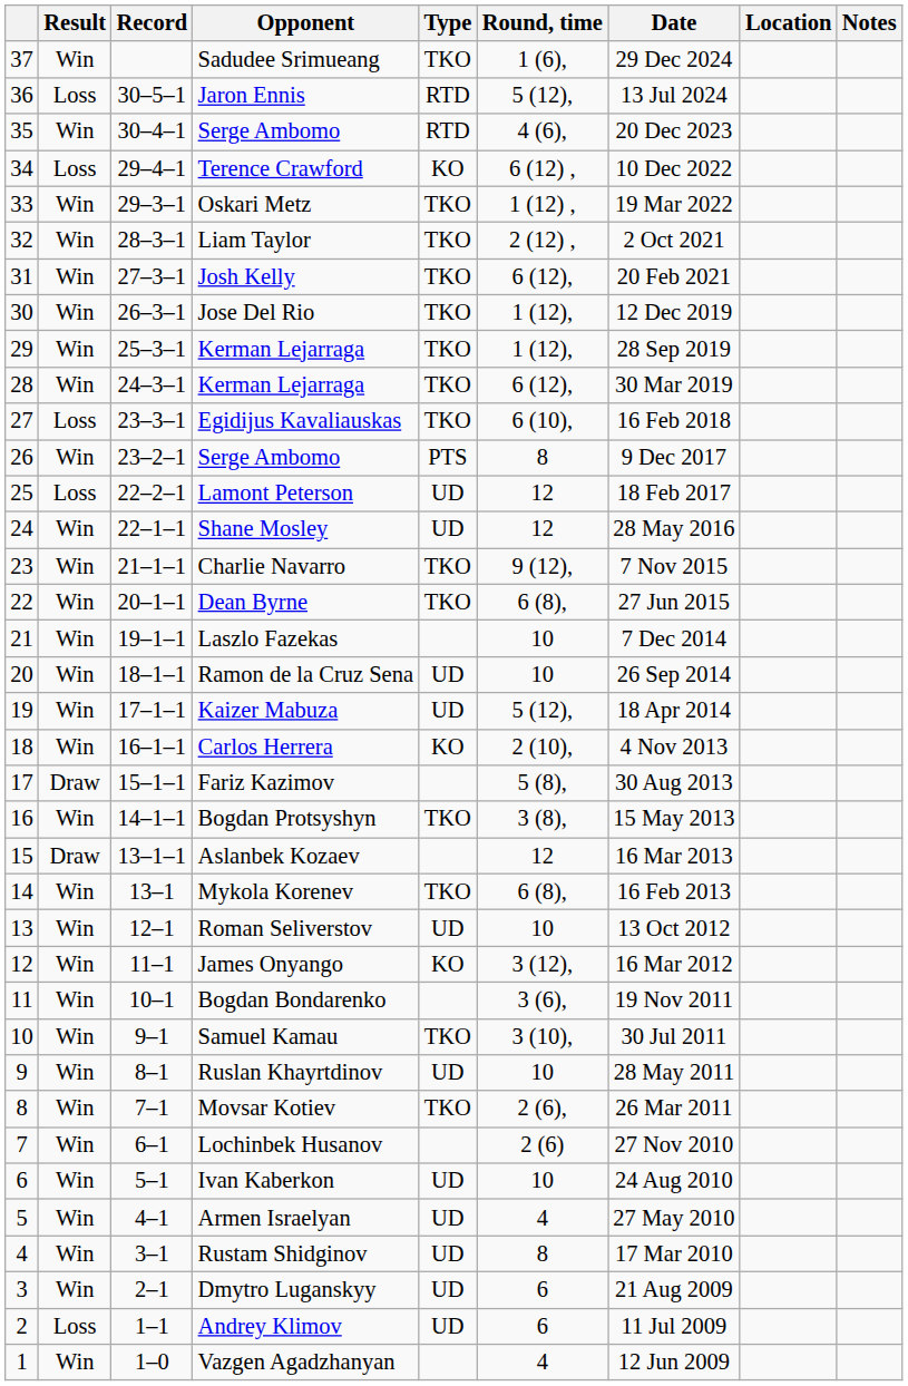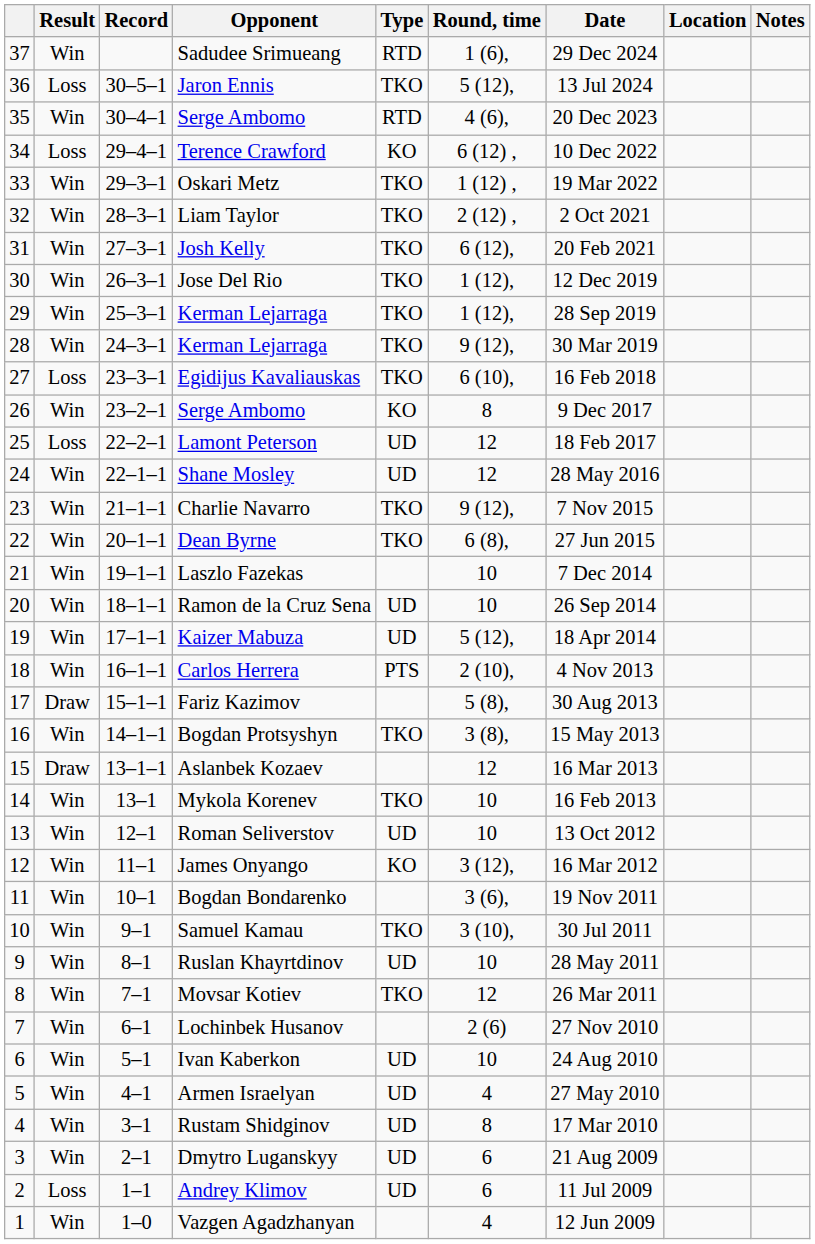 <table class="wikitable" style="text-align:center">
 <tr>
 <th></th>
 <th>Result</th>
 <th>Record</th>
 <th>Opponent</th>
 <th>Type</th>
 <th>Round, time</th>
 <th>Date</th>
 <th>Location</th>
 <th>Notes</th>
 </tr>
 <tr>
 <td>37</td>
 <td>Win</td>
 <td></td>
 <td style="text-align:left;">Sadudee Srimueang</td>
-<td>TKO</td>
+<td>RTD</td>
 <td>1 (6), </td>
 <td>29 Dec 2024</td>
 <td align="left"></td>
 <td></td>
 </tr>
 <tr>
 <td>36</td>
 <td>Loss</td>
 <td>30–5–1</td>
 <td style="text-align:left;"><a href='#'>Jaron Ennis</a></td>
-<td>RTD</td>
+<td>TKO</td>
 <td>5 (12), </td>
 <td>13 Jul 2024</td>
 <td align="left"></td>
 <td align="left"></td>
 </tr>
 <tr>
 <td>35</td>
 <td>Win</td>
 <td>30–4–1</td>
 <td align=left><a href='#'>Serge Ambomo</a></td>
 <td>RTD</td>
 <td>4 (6), </td>
 <td>20 Dec 2023</td>
 <td align=left></td>
 <td></td>
 </tr>
 <tr>
 <td>34</td>
 <td>Loss</td>
 <td>29–4–1</td>
 <td style="text-align:left;"><a href='#'>Terence Crawford</a></td>
 <td>KO</td>
 <td>6 (12) , </td>
 <td>10 Dec 2022</td>
 <td style="text-align:left;"></td>
 <td style="text-align:left;"></td>
 </tr>
 <tr>
 <td>33</td>
 <td>Win</td>
 <td>29–3–1</td>
 <td style="text-align:left;">Oskari Metz</td>
 <td>TKO</td>
 <td>1 (12) , </td>
 <td>19 Mar 2022</td>
 <td style="text-align:left;"></td>
 <td style="text-align:left;"></td>
 </tr>
 <tr>
 <td>32</td>
 <td>Win</td>
 <td>28–3–1</td>
 <td style="text-align:left;">Liam Taylor</td>
 <td>TKO</td>
 <td>2 (12) , </td>
 <td>2 Oct 2021</td>
 <td style="text-align:left;"></td>
 <td style="text-align:left;"></td>
 </tr>
 <tr>
 <td>31</td>
 <td>Win</td>
 <td>27–3–1</td>
 <td style="text-align:left;"><a href='#'>Josh Kelly</a></td>
 <td>TKO</td>
 <td>6 (12), </td>
 <td>20 Feb 2021</td>
 <td style="text-align:left;"></td>
 <td style="text-align:left;"></td>
 </tr>
 <tr>
 <td>30</td>
 <td>Win</td>
 <td>26–3–1</td>
 <td style="text-align:left;">Jose Del Rio</td>
 <td>TKO</td>
 <td>1 (12), </td>
 <td>12 Dec 2019</td>
 <td style="text-align:left;"></td>
 <td style="text-align:left;"></td>
 </tr>
 <tr>
 <td>29</td>
 <td>Win</td>
 <td>25–3–1</td>
 <td style="text-align:left;"><a href='#'>Kerman Lejarraga</a></td>
 <td>TKO</td>
 <td>1 (12), </td>
 <td>28 Sep 2019</td>
 <td style="text-align:left;"></td>
 <td style="text-align:left;"></td>
 </tr>
 <tr>
 <td>28</td>
 <td>Win</td>
 <td>24–3–1</td>
 <td style="text-align:left;"><a href='#'>Kerman Lejarraga</a></td>
 <td>TKO</td>
-<td>6 (12), </td>
+<td>9 (12), </td>
 <td>30 Mar 2019</td>
 <td style="text-align:left;"></td>
 <td style="text-align:left;"></td>
 </tr>
 <tr>
 <td>27</td>
 <td>Loss</td>
 <td>23–3–1</td>
 <td style="text-align:left;"><a href='#'>Egidijus Kavaliauskas</a></td>
 <td>TKO</td>
 <td>6 (10), </td>
 <td>16 Feb 2018</td>
 <td style="text-align:left;"></td>
 <td style="text-align:left;"></td>
 </tr>
 <tr>
 <td>26</td>
 <td>Win</td>
 <td>23–2–1</td>
 <td style="text-align:left;"><a href='#'>Serge Ambomo</a></td>
-<td>PTS</td>
+<td>KO</td>
 <td>8</td>
 <td>9 Dec 2017</td>
 <td style="text-align:left;"></td>
 <td style="text-align:left;"></td>
 </tr>
 <tr>
 <td>25</td>
 <td>Loss</td>
 <td>22–2–1</td>
 <td style="text-align:left;"><a href='#'>Lamont Peterson</a></td>
 <td>UD</td>
 <td>12</td>
 <td>18 Feb 2017</td>
 <td style="text-align:left;"></td>
 <td style="text-align:left;"></td>
 </tr>
 <tr>
 <td>24</td>
 <td>Win</td>
 <td>22–1–1</td>
 <td style="text-align:left;"><a href='#'>Shane Mosley</a></td>
 <td>UD</td>
 <td>12</td>
 <td>28 May 2016</td>
 <td style="text-align:left;"></td>
 <td style="text-align:left;"></td>
 </tr>
 <tr>
 <td>23</td>
 <td>Win</td>
 <td>21–1–1</td>
 <td style="text-align:left;">Charlie Navarro</td>
 <td>TKO</td>
 <td>9 (12), </td>
 <td>7 Nov 2015</td>
 <td style="text-align:left;"></td>
 <td style="text-align:left;"></td>
 </tr>
 <tr>
 <td>22</td>
 <td>Win</td>
 <td>20–1–1</td>
 <td style="text-align:left;"><a href='#'>Dean Byrne</a></td>
 <td>TKO</td>
 <td>6 (8), </td>
 <td>27 Jun 2015</td>
 <td style="text-align:left;"></td>
 <td style="text-align:left;"></td>
 </tr>
 <tr>
 <td>21</td>
 <td>Win</td>
 <td>19–1–1</td>
 <td style="text-align:left;">Laszlo Fazekas</td>
 <td></td>
 <td>10</td>
 <td>7 Dec 2014</td>
 <td style="text-align:left;"></td>
 <td style="text-align:left;"></td>
 </tr>
 <tr>
 <td>20</td>
 <td>Win</td>
 <td>18–1–1</td>
 <td style="text-align:left;">Ramon de la Cruz Sena</td>
 <td>UD</td>
 <td>10</td>
 <td>26 Sep 2014</td>
 <td style="text-align:left;"></td>
 <td style="text-align:left;"></td>
 </tr>
 <tr>
 <td>19</td>
 <td>Win</td>
 <td>17–1–1</td>
 <td style="text-align:left;"><a href='#'>Kaizer Mabuza</a></td>
 <td>UD</td>
 <td>5 (12), </td>
 <td>18 Apr 2014</td>
 <td style="text-align:left;"></td>
 <td style="text-align:left;"></td>
 </tr>
 <tr>
 <td>18</td>
 <td>Win</td>
 <td>16–1–1</td>
 <td style="text-align:left;"><a href='#'>Carlos Herrera</a></td>
-<td>KO</td>
+<td>PTS</td>
 <td>2 (10), </td>
 <td>4 Nov 2013</td>
 <td style="text-align:left;"></td>
 <td style="text-align:left;"></td>
 </tr>
 <tr>
 <td>17</td>
 <td>Draw</td>
 <td>15–1–1</td>
 <td style="text-align:left;">Fariz Kazimov</td>
 <td></td>
 <td>5 (8), </td>
 <td>30 Aug 2013</td>
 <td style="text-align:left;"></td>
 <td style="text-align:left;"></td>
 </tr>
 <tr>
 <td>16</td>
 <td>Win</td>
 <td>14–1–1</td>
 <td style="text-align:left;">Bogdan Protsyshyn</td>
 <td>TKO</td>
 <td>3 (8), </td>
 <td>15 May 2013</td>
 <td style="text-align:left;"></td>
 <td style="text-align:left;"></td>
 </tr>
 <tr>
 <td>15</td>
 <td>Draw</td>
 <td>13–1–1</td>
 <td style="text-align:left;">Aslanbek Kozaev</td>
 <td></td>
 <td>12</td>
 <td>16 Mar 2013</td>
 <td style="text-align:left;"></td>
 <td style="text-align:left;"></td>
 </tr>
 <tr>
 <td>14</td>
 <td>Win</td>
 <td>13–1</td>
 <td style="text-align:left;">Mykola Korenev</td>
 <td>TKO</td>
-<td>6 (8), </td>
+<td>10</td>
 <td>16 Feb 2013</td>
 <td style="text-align:left;"></td>
 <td style="text-align:left;"></td>
 </tr>
 <tr>
 <td>13</td>
 <td>Win</td>
 <td>12–1</td>
 <td style="text-align:left;'">Roman Seliverstov</td>
 <td>UD</td>
 <td>10</td>
 <td>13 Oct 2012</td>
 <td style="text-align:left;"></td>
 <td style="text-align:left;"></td>
 </tr>
 <tr>
 <td>12</td>
 <td>Win</td>
 <td>11–1</td>
 <td style="text-align:left;">James Onyango</td>
 <td>KO</td>
 <td>3 (12), </td>
 <td>16 Mar 2012</td>
 <td style="text-align:left;"></td>
 <td style="text-align:left;"></td>
 </tr>
 <tr>
 <td>11</td>
 <td>Win</td>
 <td>10–1</td>
 <td style="text-align:left;">Bogdan Bondarenko</td>
 <td></td>
 <td>3 (6), </td>
 <td>19 Nov 2011</td>
 <td style="text-align:left;"></td>
 <td style="text-align:left;"></td>
 </tr>
 <tr>
 <td>10</td>
 <td>Win</td>
 <td>9–1</td>
 <td style="text-align:left;">Samuel Kamau</td>
 <td>TKO</td>
 <td>3 (10), </td>
 <td>30 Jul 2011</td>
 <td style="text-align:left;"></td>
 <td style="text-align:left;"></td>
 </tr>
 <tr>
 <td>9</td>
 <td>Win</td>
 <td>8–1</td>
 <td style="text-align:left;">Ruslan Khayrtdinov</td>
 <td>UD</td>
 <td>10</td>
 <td>28 May 2011</td>
 <td style="text-align:left;"></td>
 <td style="text-align:left;"></td>
 </tr>
 <tr>
 <td>8</td>
 <td>Win</td>
 <td>7–1</td>
 <td style="text-align:left;">Movsar Kotiev</td>
 <td>TKO</td>
-<td>2 (6), </td>
+<td>12</td>
 <td>26 Mar 2011</td>
 <td style="text-align:left;"></td>
 <td style="text-align:left;"></td>
 </tr>
 <tr>
 <td>7</td>
 <td>Win</td>
 <td>6–1</td>
 <td style="text-align:left;">Lochinbek Husanov</td>
 <td></td>
 <td>2 (6)</td>
 <td>27 Nov 2010</td>
 <td style="text-align:left;"></td>
 <td style="text-align:left;"></td>
 </tr>
 <tr>
 <td>6</td>
 <td>Win</td>
 <td>5–1</td>
 <td style="text-align:left;">Ivan Kaberkon</td>
 <td>UD</td>
 <td>10</td>
 <td>24 Aug 2010</td>
 <td style="text-align:left;"></td>
 <td style="text-align:left;"></td>
 </tr>
 <tr>
 <td>5</td>
 <td>Win</td>
 <td>4–1</td>
 <td style="text-align:left;">Armen Israelyan</td>
 <td>UD</td>
 <td>4</td>
 <td>27 May 2010</td>
 <td style="text-align:left;"></td>
 <td style="text-align:left;"></td>
 </tr>
 <tr>
 <td>4</td>
 <td>Win</td>
 <td>3–1</td>
 <td style="text-align:left;">Rustam Shidginov</td>
 <td>UD</td>
 <td>8</td>
 <td>17 Mar 2010</td>
 <td style="text-align:left;"></td>
 <td style="text-align:left;"></td>
 </tr>
 <tr>
 <td>3</td>
 <td>Win</td>
 <td>2–1</td>
 <td style="text-align:left;">Dmytro Luganskyy</td>
 <td>UD</td>
 <td>6</td>
 <td>21 Aug 2009</td>
 <td style="text-align:left;"></td>
 <td style="text-align:left;"></td>
 </tr>
 <tr>
 <td>2</td>
 <td>Loss</td>
 <td>1–1</td>
 <td style="text-align:left;"><a href='#'>Andrey Klimov</a></td>
 <td>UD</td>
 <td>6</td>
 <td>11 Jul 2009</td>
 <td style="text-align:left;"></td>
 <td style="text-align:left;"></td>
 </tr>
 <tr>
 <td>1</td>
 <td>Win</td>
 <td>1–0</td>
 <td style="text-align:left;">Vazgen Agadzhanyan</td>
 <td></td>
 <td>4</td>
 <td>12 Jun 2009</td>
 <td style="text-align:left;"></td>
 <td></td>
 </tr>
 </table>
